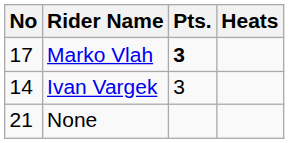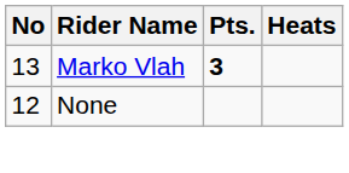 <table class="wikitable">
 <tr style="background-color:">
 <th>No</th>
 <th>Rider Name</th>
 <th>Pts.</th>
 <th>Heats</th>
 </tr>
 <tr>
-<td>17</td>
+<td>13</td>
 <td><a href='#'>Marko Vlah</a></td>
 <td><strong>3</strong></td>
 <td></td>
 </tr>
 <tr>
-<td>14</td>
-<td><a href='#'>Ivan Vargek</a></td>
-<td>3</td>
-<td></td>
-</tr>
-<tr>
-<td>21</td>
+<td>12</td>
 <td>None</td>
 <td></td>
 <td></td>
 </tr>
 </table>
